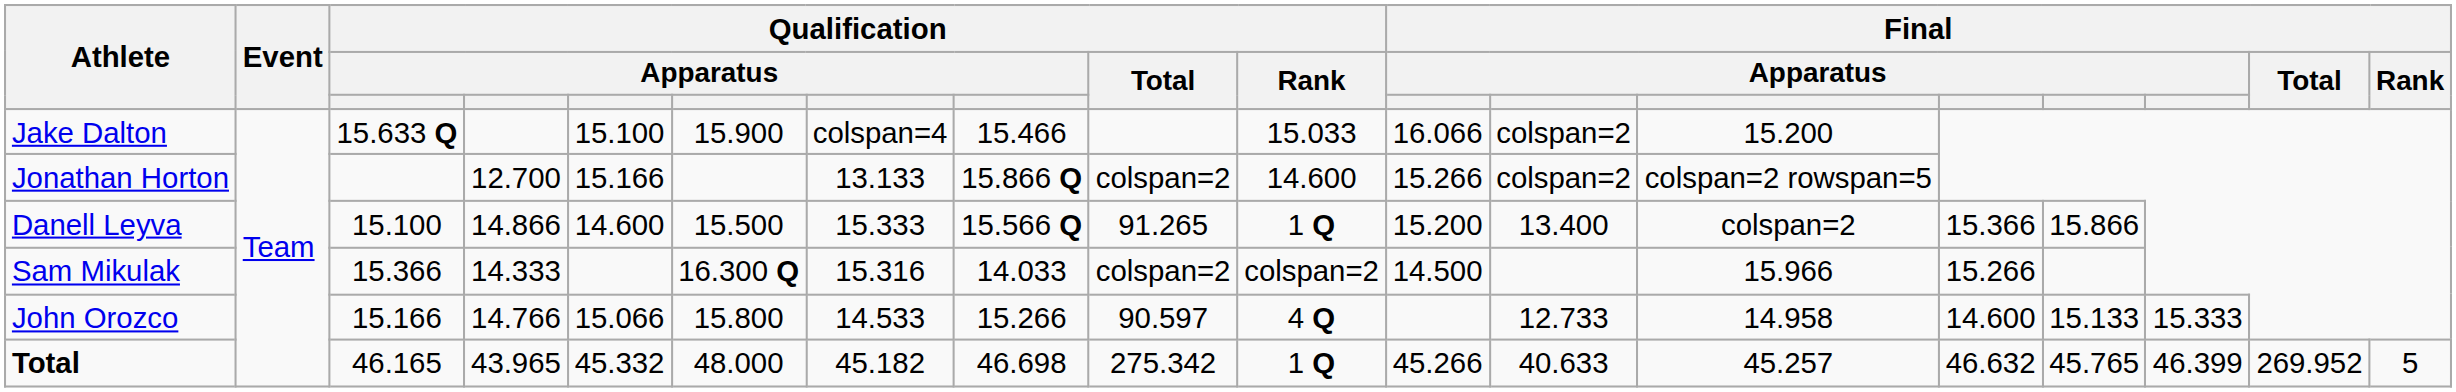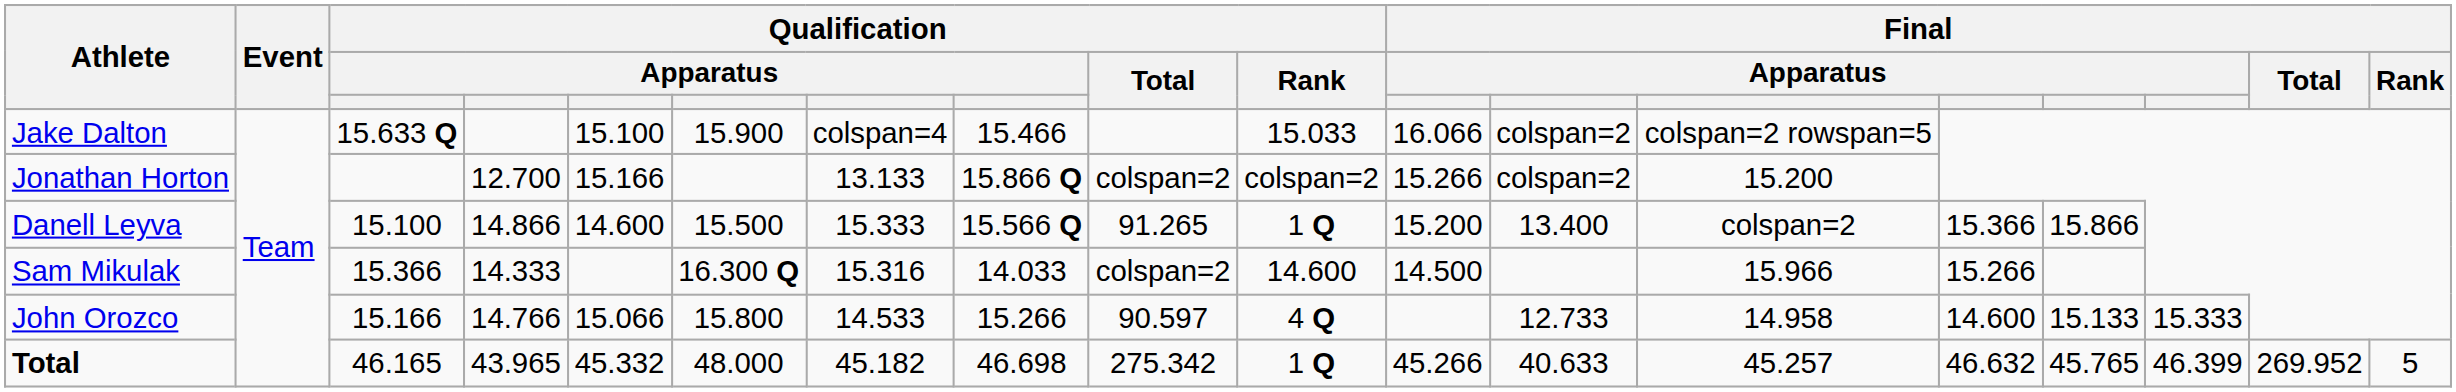 <table class=wikitable style=font-size:90%;text-align:center>
 <tr>
 <th rowspan=3>Athlete</th>
 <th rowspan=3>Event</th>
 <th colspan =8>Qualification</th>
 <th colspan =8>Final</th>
 </tr>
 <tr style=font-size:95%>
 <th colspan=6>Apparatus</th>
 <th rowspan=2>Total</th>
 <th rowspan=2>Rank</th>
 <th colspan=6>Apparatus</th>
 <th rowspan=2>Total</th>
 <th rowspan=2>Rank</th>
 </tr>
 <tr style=font-size:95%>
 <th></th>
 <th></th>
 <th></th>
 <th></th>
 <th></th>
 <th></th>
 <th></th>
 <th></th>
 <th></th>
 <th></th>
 <th></th>
 <th></th>
 </tr>
 <tr>
 <td align=left><a href='#'>Jake Dalton</a></td>
 <td align=left rowspan=6><a href='#'>Team</a></td>
 <td>15.633 <strong>Q</strong></td>
 <td></td>
 <td>15.100</td>
 <td>15.900</td>
 <td>colspan=4 </td>
 <td>15.466</td>
 <td></td>
 <td>15.033</td>
 <td>16.066</td>
 <td>colspan=2 </td>
-<td>15.200</td>
+<td>colspan=2 rowspan=5 </td>
 </tr>
 <tr>
 <td align=left><a href='#'>Jonathan Horton</a></td>
 <td></td>
 <td>12.700</td>
 <td>15.166</td>
 <td></td>
 <td>13.133</td>
 <td>15.866 <strong>Q</strong></td>
 <td>colspan=2 </td>
-<td>14.600</td>
+<td>colspan=2 </td>
 <td>15.266</td>
 <td>colspan=2 </td>
-<td>colspan=2 rowspan=5 </td>
+<td>15.200</td>
 </tr>
 <tr>
 <td align=left><a href='#'>Danell Leyva</a></td>
 <td>15.100</td>
 <td>14.866</td>
 <td>14.600</td>
 <td>15.500</td>
 <td>15.333</td>
 <td>15.566 <strong>Q</strong></td>
 <td>91.265</td>
 <td>1 <strong>Q</strong></td>
 <td>15.200</td>
 <td>13.400</td>
 <td>colspan=2 </td>
 <td>15.366</td>
 <td>15.866</td>
 </tr>
 <tr>
 <td align=left><a href='#'>Sam Mikulak</a></td>
 <td>15.366</td>
 <td>14.333</td>
 <td></td>
 <td>16.300 <strong>Q</strong></td>
 <td>15.316</td>
 <td>14.033</td>
 <td>colspan=2 </td>
-<td>colspan=2 </td>
+<td>14.600</td>
 <td>14.500</td>
 <td></td>
 <td>15.966</td>
 <td>15.266</td>
 <td></td>
 </tr>
 <tr>
 <td align=left><a href='#'>John Orozco</a></td>
 <td>15.166</td>
 <td>14.766</td>
 <td>15.066</td>
 <td>15.800</td>
 <td>14.533</td>
 <td>15.266</td>
 <td>90.597</td>
 <td>4 <strong>Q</strong></td>
 <td></td>
 <td>12.733</td>
 <td>14.958</td>
 <td>14.600</td>
 <td>15.133</td>
 <td>15.333</td>
 </tr>
 <tr>
 <td align=left><strong>Total</strong></td>
 <td>46.165</td>
 <td>43.965</td>
 <td>45.332</td>
 <td>48.000</td>
 <td>45.182</td>
 <td>46.698</td>
 <td>275.342</td>
 <td>1 <strong>Q</strong></td>
 <td>45.266</td>
 <td>40.633</td>
 <td>45.257</td>
 <td>46.632</td>
 <td>45.765</td>
 <td>46.399</td>
 <td>269.952</td>
 <td>5</td>
 </tr>
 </table>
